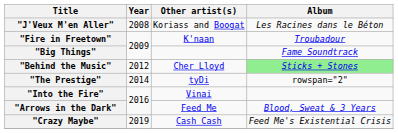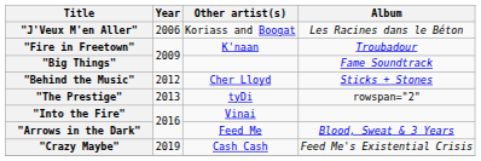 <table class="wikitable plainrowheaders" style="text-align:center;">
 <tr>
 <th scope="col" style="width:14em;">Title</th>
 <th scope="col">Year</th>
 <th scope="col">Other artist(s)</th>
 <th scope="col">Album</th>
 </tr>
 <tr>
 <th scope="row">"J'Veux M'en Aller"</th>
-<td>2008</td>
+<td>2006</td>
 <td>Koriass and <a href='#'>Boogat</a></td>
 <td><em>Les Racines dans le Béton</em></td>
 </tr>
 <tr>
 <th scope="row">"Fire in Freetown"</th>
 <td rowspan="2">2009</td>
 <td><a href='#'>K'naan</a></td>
 <td><em><a href='#'>Troubadour</a></em></td>
 </tr>
 <tr>
 <th scope="row">"Big Things"</th>
 <td></td>
 <td><em><a href='#'>Fame Soundtrack</a></em></td>
 </tr>
 <tr>
 <th scope="row">"Behind the Music"</th>
 <td>2012</td>
 <td><a href='#'>Cher Lloyd</a></td>
-<td style="background: lightgreen;"><em><a href='#'>Sticks + Stones</a></em></td>
+<td><em><a href='#'>Sticks + Stones</a></em></td>
 </tr>
 <tr>
 <th scope="row">"The Prestige"</th>
-<td>2014</td>
+<td>2013</td>
 <td><a href='#'>tyDi</a></td>
 <td>rowspan="2" </td>
 </tr>
 <tr>
 <th scope="row">"Into the Fire"</th>
 <td rowspan="2">2016</td>
 <td><a href='#'>Vinai</a></td>
 </tr>
 <tr>
 <th scope="row">"Arrows in the Dark"</th>
 <td><a href='#'>Feed Me</a></td>
 <td><em><a href='#'>Blood, Sweat & 3 Years</a></em></td>
 </tr>
 <tr>
 <th scope="row">"Crazy Maybe"</th>
 <td>2019</td>
 <td><a href='#'>Cash Cash</a></td>
 <td><em>Feed Me's Existential Crisis</em></td>
 </tr>
 <tr>
 </tr>
 </table>
